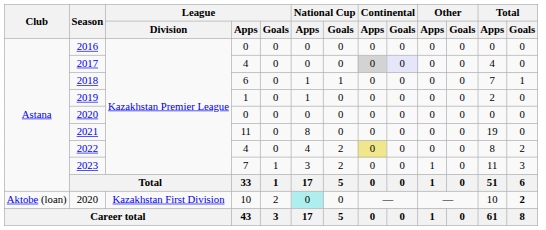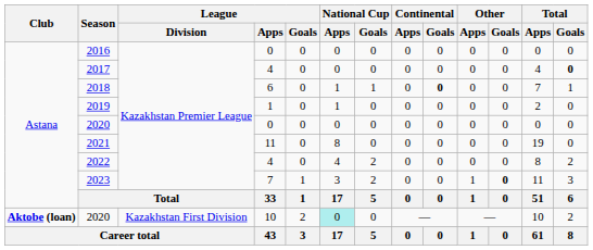 <table class="wikitable" style="text-align: center;">
 <tr>
 <th rowspan="2">Club</th>
 <th rowspan="2">Season</th>
 <th colspan="3">League</th>
 <th colspan="2">National Cup</th>
 <th colspan="2">Continental</th>
 <th colspan="2">Other</th>
 <th colspan="2">Total</th>
 </tr>
 <tr>
 <th>Division</th>
 <th>Apps</th>
 <th>Goals</th>
 <th>Apps</th>
 <th>Goals</th>
 <th>Apps</th>
 <th>Goals</th>
 <th>Apps</th>
 <th>Goals</th>
 <th>Apps</th>
 <th>Goals</th>
 </tr>
 <tr>
 <td rowspan="9" valign="center"><a href='#'>Astana</a></td>
 <td><a href='#'>2016</a></td>
 <td rowspan="8" valign="center"><a href='#'>Kazakhstan Premier League</a></td>
 <td>0</td>
 <td>0</td>
 <td>0</td>
 <td>0</td>
 <td>0</td>
 <td>0</td>
 <td>0</td>
 <td>0</td>
 <td>0</td>
 <td>0</td>
 </tr>
 <tr>
 <td><a href='#'>2017</a></td>
 <td>4</td>
 <td>0</td>
 <td>0</td>
 <td>0</td>
-<td style="background: lightgrey;">0</td>
-<td style="background: lavender;">0</td>
+<td>0</td>
+<td>0</td>
 <td>0</td>
 <td>0</td>
 <td>4</td>
-<td>0</td>
+<td><strong>0</strong></td>
 </tr>
 <tr>
 <td><a href='#'>2018</a></td>
 <td>6</td>
 <td>0</td>
 <td>1</td>
 <td>1</td>
 <td>0</td>
-<td>0</td>
+<td><strong>0</strong></td>
 <td>0</td>
 <td>0</td>
 <td>7</td>
 <td>1</td>
 </tr>
 <tr>
 <td><a href='#'>2019</a></td>
 <td>1</td>
 <td>0</td>
 <td>1</td>
 <td>0</td>
 <td>0</td>
 <td>0</td>
 <td>0</td>
 <td>0</td>
 <td>2</td>
 <td>0</td>
 </tr>
 <tr>
 <td><a href='#'>2020</a></td>
 <td>0</td>
 <td>0</td>
 <td>0</td>
 <td>0</td>
 <td>0</td>
 <td>0</td>
 <td>0</td>
 <td>0</td>
 <td>0</td>
 <td>0</td>
 </tr>
 <tr>
 <td><a href='#'>2021</a></td>
 <td>11</td>
 <td>0</td>
 <td>8</td>
 <td>0</td>
 <td>0</td>
 <td>0</td>
 <td>0</td>
 <td>0</td>
 <td>19</td>
 <td>0</td>
 </tr>
 <tr>
 <td><a href='#'>2022</a></td>
 <td>4</td>
 <td>0</td>
 <td>4</td>
 <td>2</td>
-<td style="background: khaki;">0</td>
+<td>0</td>
 <td>0</td>
 <td>0</td>
 <td>0</td>
 <td>8</td>
 <td>2</td>
 </tr>
 <tr>
 <td><a href='#'>2023</a></td>
 <td>7</td>
 <td>1</td>
 <td>3</td>
 <td>2</td>
 <td>0</td>
 <td>0</td>
 <td>1</td>
-<td>0</td>
+<td><strong>0</strong></td>
 <td>11</td>
 <td>3</td>
 </tr>
 <tr>
 <th colspan="2">Total</th>
 <th>33</th>
 <th>1</th>
 <th>17</th>
 <th>5</th>
 <th>0</th>
 <th>0</th>
 <th>1</th>
 <th>0</th>
 <th>51</th>
 <th>6</th>
 </tr>
 <tr>
-<td><a href='#'>Aktobe</a> (loan)</td>
+<td><strong><a href='#'>Aktobe</a> (loan)</strong></td>
 <td>2020</td>
 <td><a href='#'>Kazakhstan First Division</a></td>
 <td>10</td>
 <td>2</td>
 <td style="background: paleturquoise;">0</td>
 <td>0</td>
 <td colspan="2">—</td>
 <td colspan="2">—</td>
 <td>10</td>
-<td><strong>2</strong></td>
+<td>2</td>
 </tr>
 <tr>
 <th colspan="3">Career total</th>
 <th>43</th>
 <th>3</th>
 <th>17</th>
 <th>5</th>
 <th>0</th>
 <th>0</th>
 <th>1</th>
 <th>0</th>
 <th>61</th>
 <th>8</th>
 </tr>
 </table>
